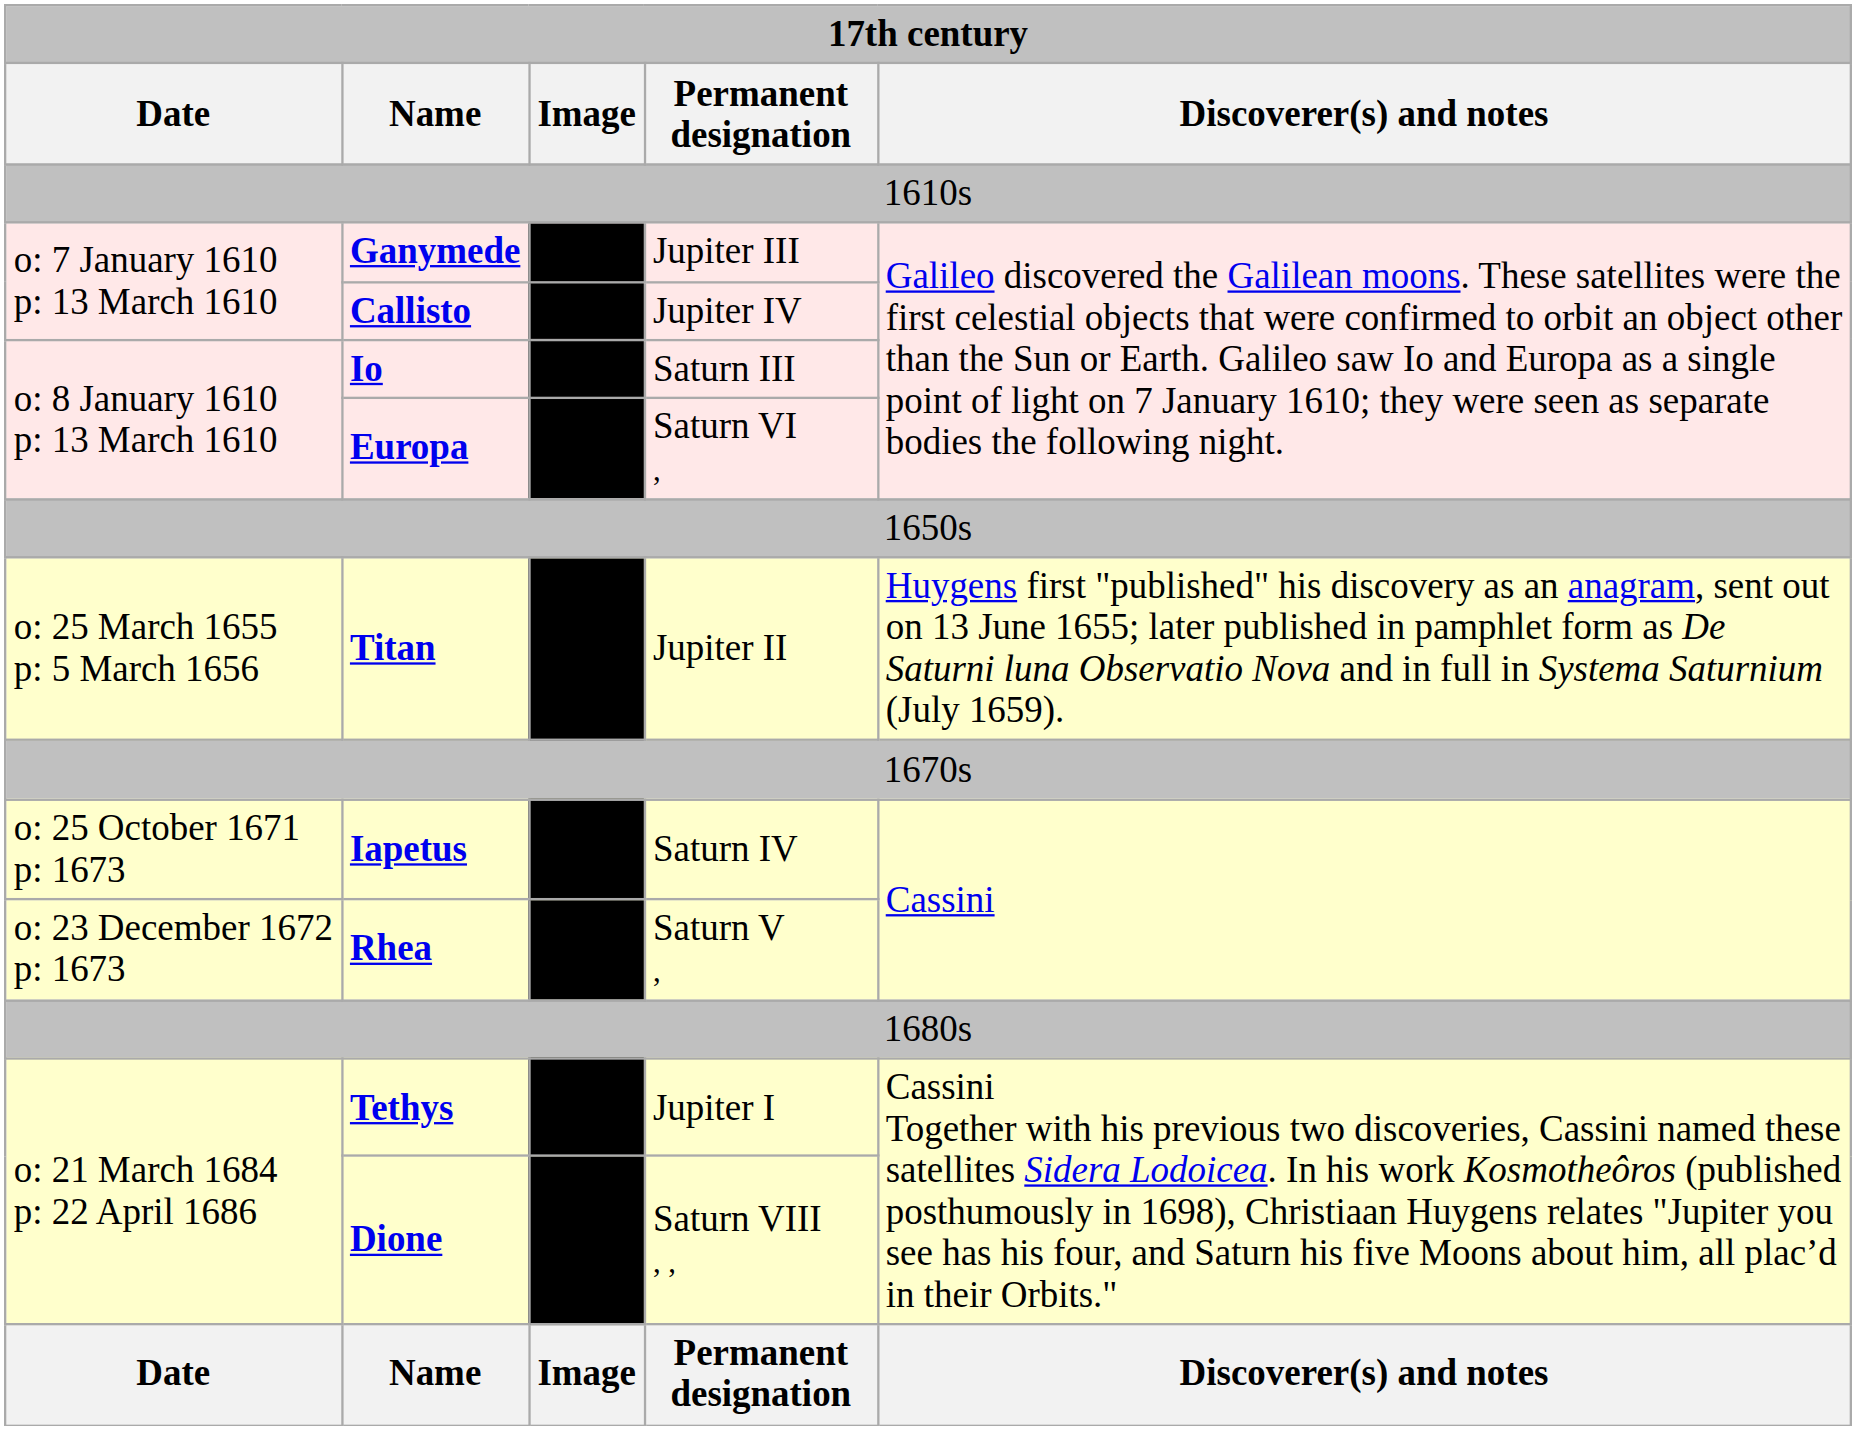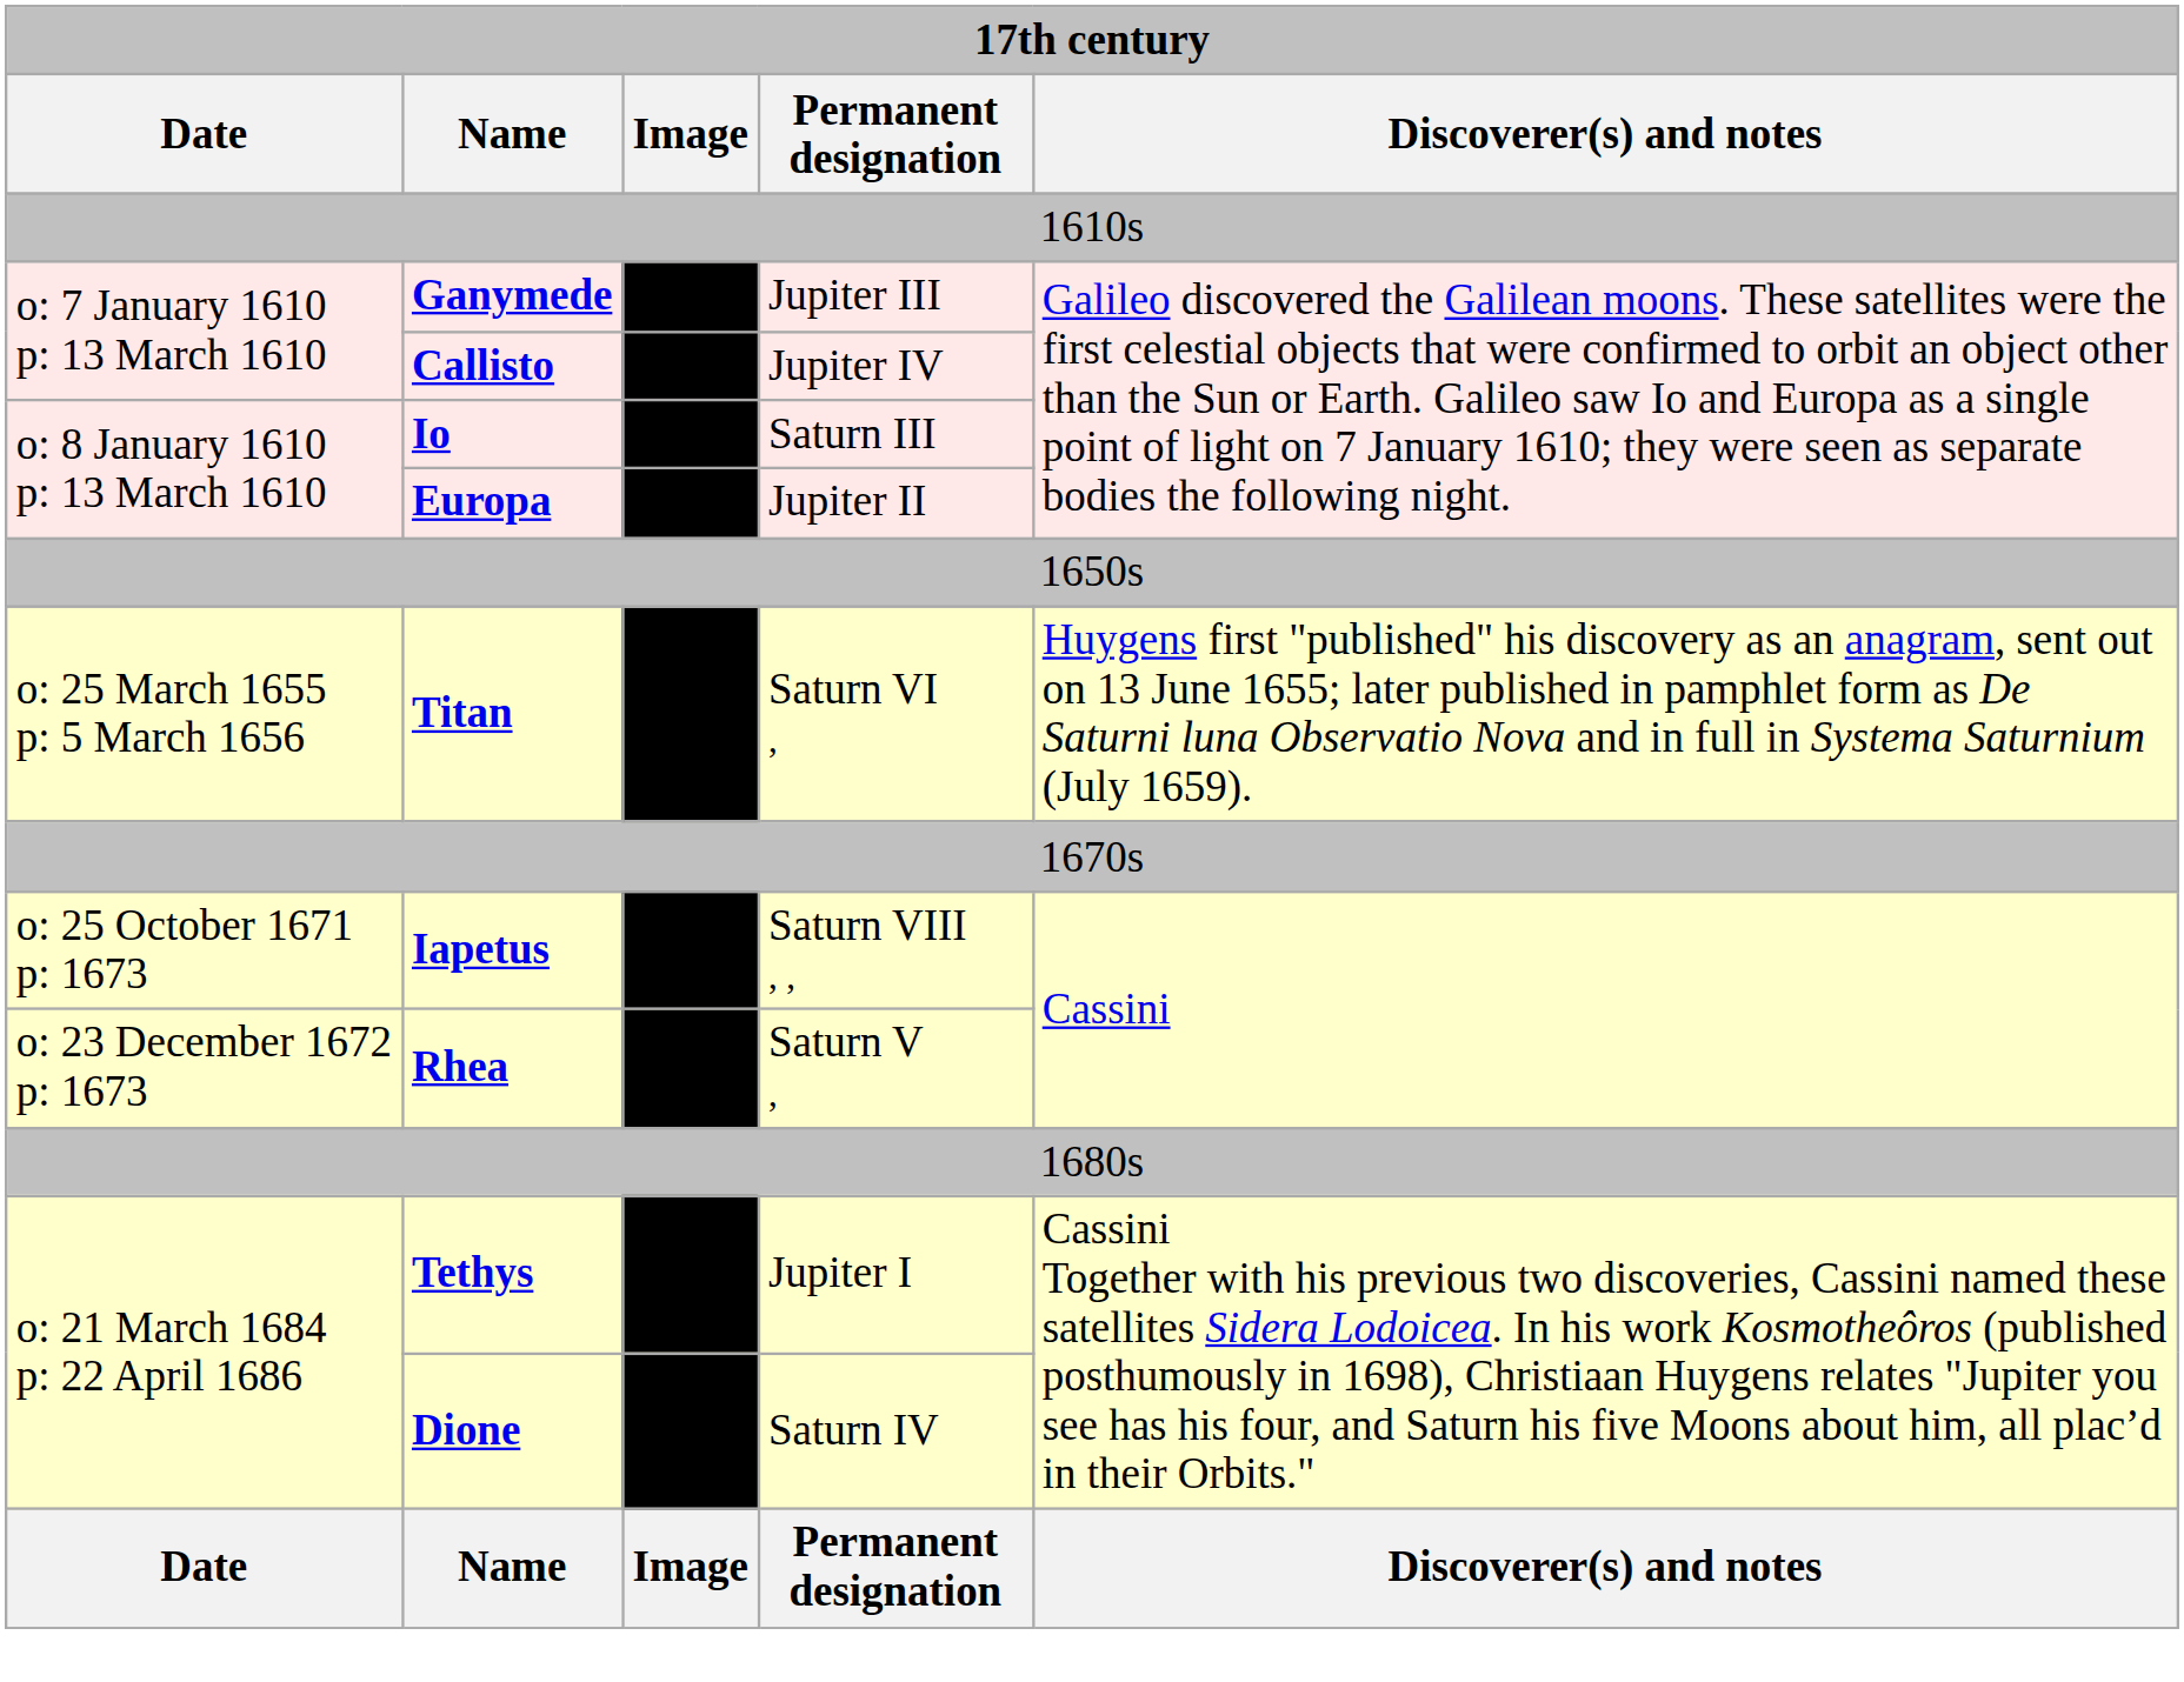 <table class="wikitable" width="800">
 <tr>
 <th colspan="6" style="background-color: Silver; text-align: center;" id="c17th">17th century</th>
 </tr>
 <tr>
 <th>Date</th>
 <th>Name</th>
 <th>Image</th>
 <th>Permanent designation</th>
 <th>Discoverer(s) and notes</th>
 </tr>
 <tr>
 <td colspan="5" style="background-color: Silver; text-align: center;" id="a1610s">1610s</td>
 </tr>
 <tr bgcolor="#FFE8E8">
 <td style="white-space: nowrap;" rowspan="2">o: 7 January 1610<br>p: 13 March 1610</td>
 <td><strong><a href='#'>Ganymede</a></strong></td>
 <td bgcolor="Black"></td>
 <td>Jupiter III</td>
 <td rowspan="4"><a href='#'>Galileo</a> discovered the <a href='#'>Galilean moons</a>. These satellites were the first celestial objects that were confirmed to orbit an object other than the Sun or Earth. Galileo saw Io and Europa as a single point of light on 7 January 1610; they were seen as separate bodies the following night.</td>
 </tr>
 <tr bgcolor="#FFE8E8">
 <td><strong><a href='#'>Callisto</a></strong></td>
 <td bgcolor="Black"></td>
 <td>Jupiter IV</td>
 </tr>
 <tr bgcolor="#FFE8E8">
 <td style="white-space: nowrap;" rowspan="2">o: 8 January 1610<br>p: 13 March 1610</td>
 <td><strong><a href='#'>Io</a></strong></td>
 <td bgcolor="Black"></td>
 <td>Saturn III<br><small></small></td>
 </tr>
 <tr bgcolor="#FFE8E8">
 <td><strong><a href='#'>Europa</a></strong></td>
 <td bgcolor="Black"></td>
-<td>Saturn VI<br><small>, </small></td>
+<td>Jupiter II</td>
 </tr>
 <tr>
 <td colspan="5" style="background-color: Silver; text-align: center;" id="a1650s">1650s</td>
 </tr>
 <tr bgcolor="#FFFFCC">
 <td style="white-space: nowrap">o: 25 March 1655<br>p: 5 March 1656</td>
 <td><strong><a href='#'>Titan</a></strong></td>
 <td bgcolor="Black"></td>
-<td>Jupiter II</td>
+<td>Saturn VI<br><small>, </small></td>
 <td><a href='#'>Huygens</a> first "published" his discovery as an <a href='#'>anagram</a>, sent out on 13 June 1655; later published in pamphlet form as <em>De Saturni luna Observatio Nova</em> and in full in <em>Systema Saturnium</em> (July 1659).</td>
 </tr>
 <tr>
 <td colspan="5" style="background-color: Silver; text-align: center;" id="a1670s">1670s</td>
 </tr>
 <tr bgcolor="#FFFFCC">
 <td style="white-space: nowrap">o: 25 October 1671<br>p: 1673</td>
 <td><strong><a href='#'>Iapetus</a></strong></td>
 <td bgcolor="Black"></td>
-<td>Saturn IV<br><small></small></td>
+<td>Saturn VIII<br><small>, , </small></td>
 <td rowspan="2"><a href='#'>Cassini</a></td>
 </tr>
 <tr bgcolor="#FFFFCC">
 <td style="white-space: nowrap">o: 23 December 1672<br>p: 1673</td>
 <td><strong><a href='#'>Rhea</a></strong></td>
 <td bgcolor="Black"></td>
 <td>Saturn V<br><small>, </small></td>
 </tr>
 <tr>
 <td colspan="5" style="background-color: Silver; text-align: center;" id="a1680s">1680s</td>
 </tr>
 <tr bgcolor="#FFFFCC">
 <td style="white-space: nowrap;" rowspan="2">o: 21 March 1684<br>p: 22 April 1686</td>
 <td><strong><a href='#'>Tethys</a></strong></td>
 <td bgcolor="Black"></td>
 <td>Jupiter I</td>
 <td rowspan="2">Cassini<br>Together with his previous two discoveries, Cassini named these satellites <em><a href='#'>Sidera Lodoicea</a></em>. In his work <em>Kosmotheôros</em> (published posthumously in 1698), Christiaan Huygens relates "Jupiter you see has his four, and Saturn his five Moons about him, all plac’d in their Orbits."</td>
 </tr>
 <tr bgcolor="#FFFFCC">
 <td><strong><a href='#'>Dione</a></strong></td>
 <td bgcolor="Black"></td>
-<td>Saturn VIII<br><small>, , </small></td>
+<td>Saturn IV<br><small></small></td>
 </tr>
 <tr>
 <th>Date</th>
 <th>Name</th>
 <th>Image</th>
 <th>Permanent designation</th>
 <th>Discoverer(s) and notes</th>
 </tr>
 </table>
